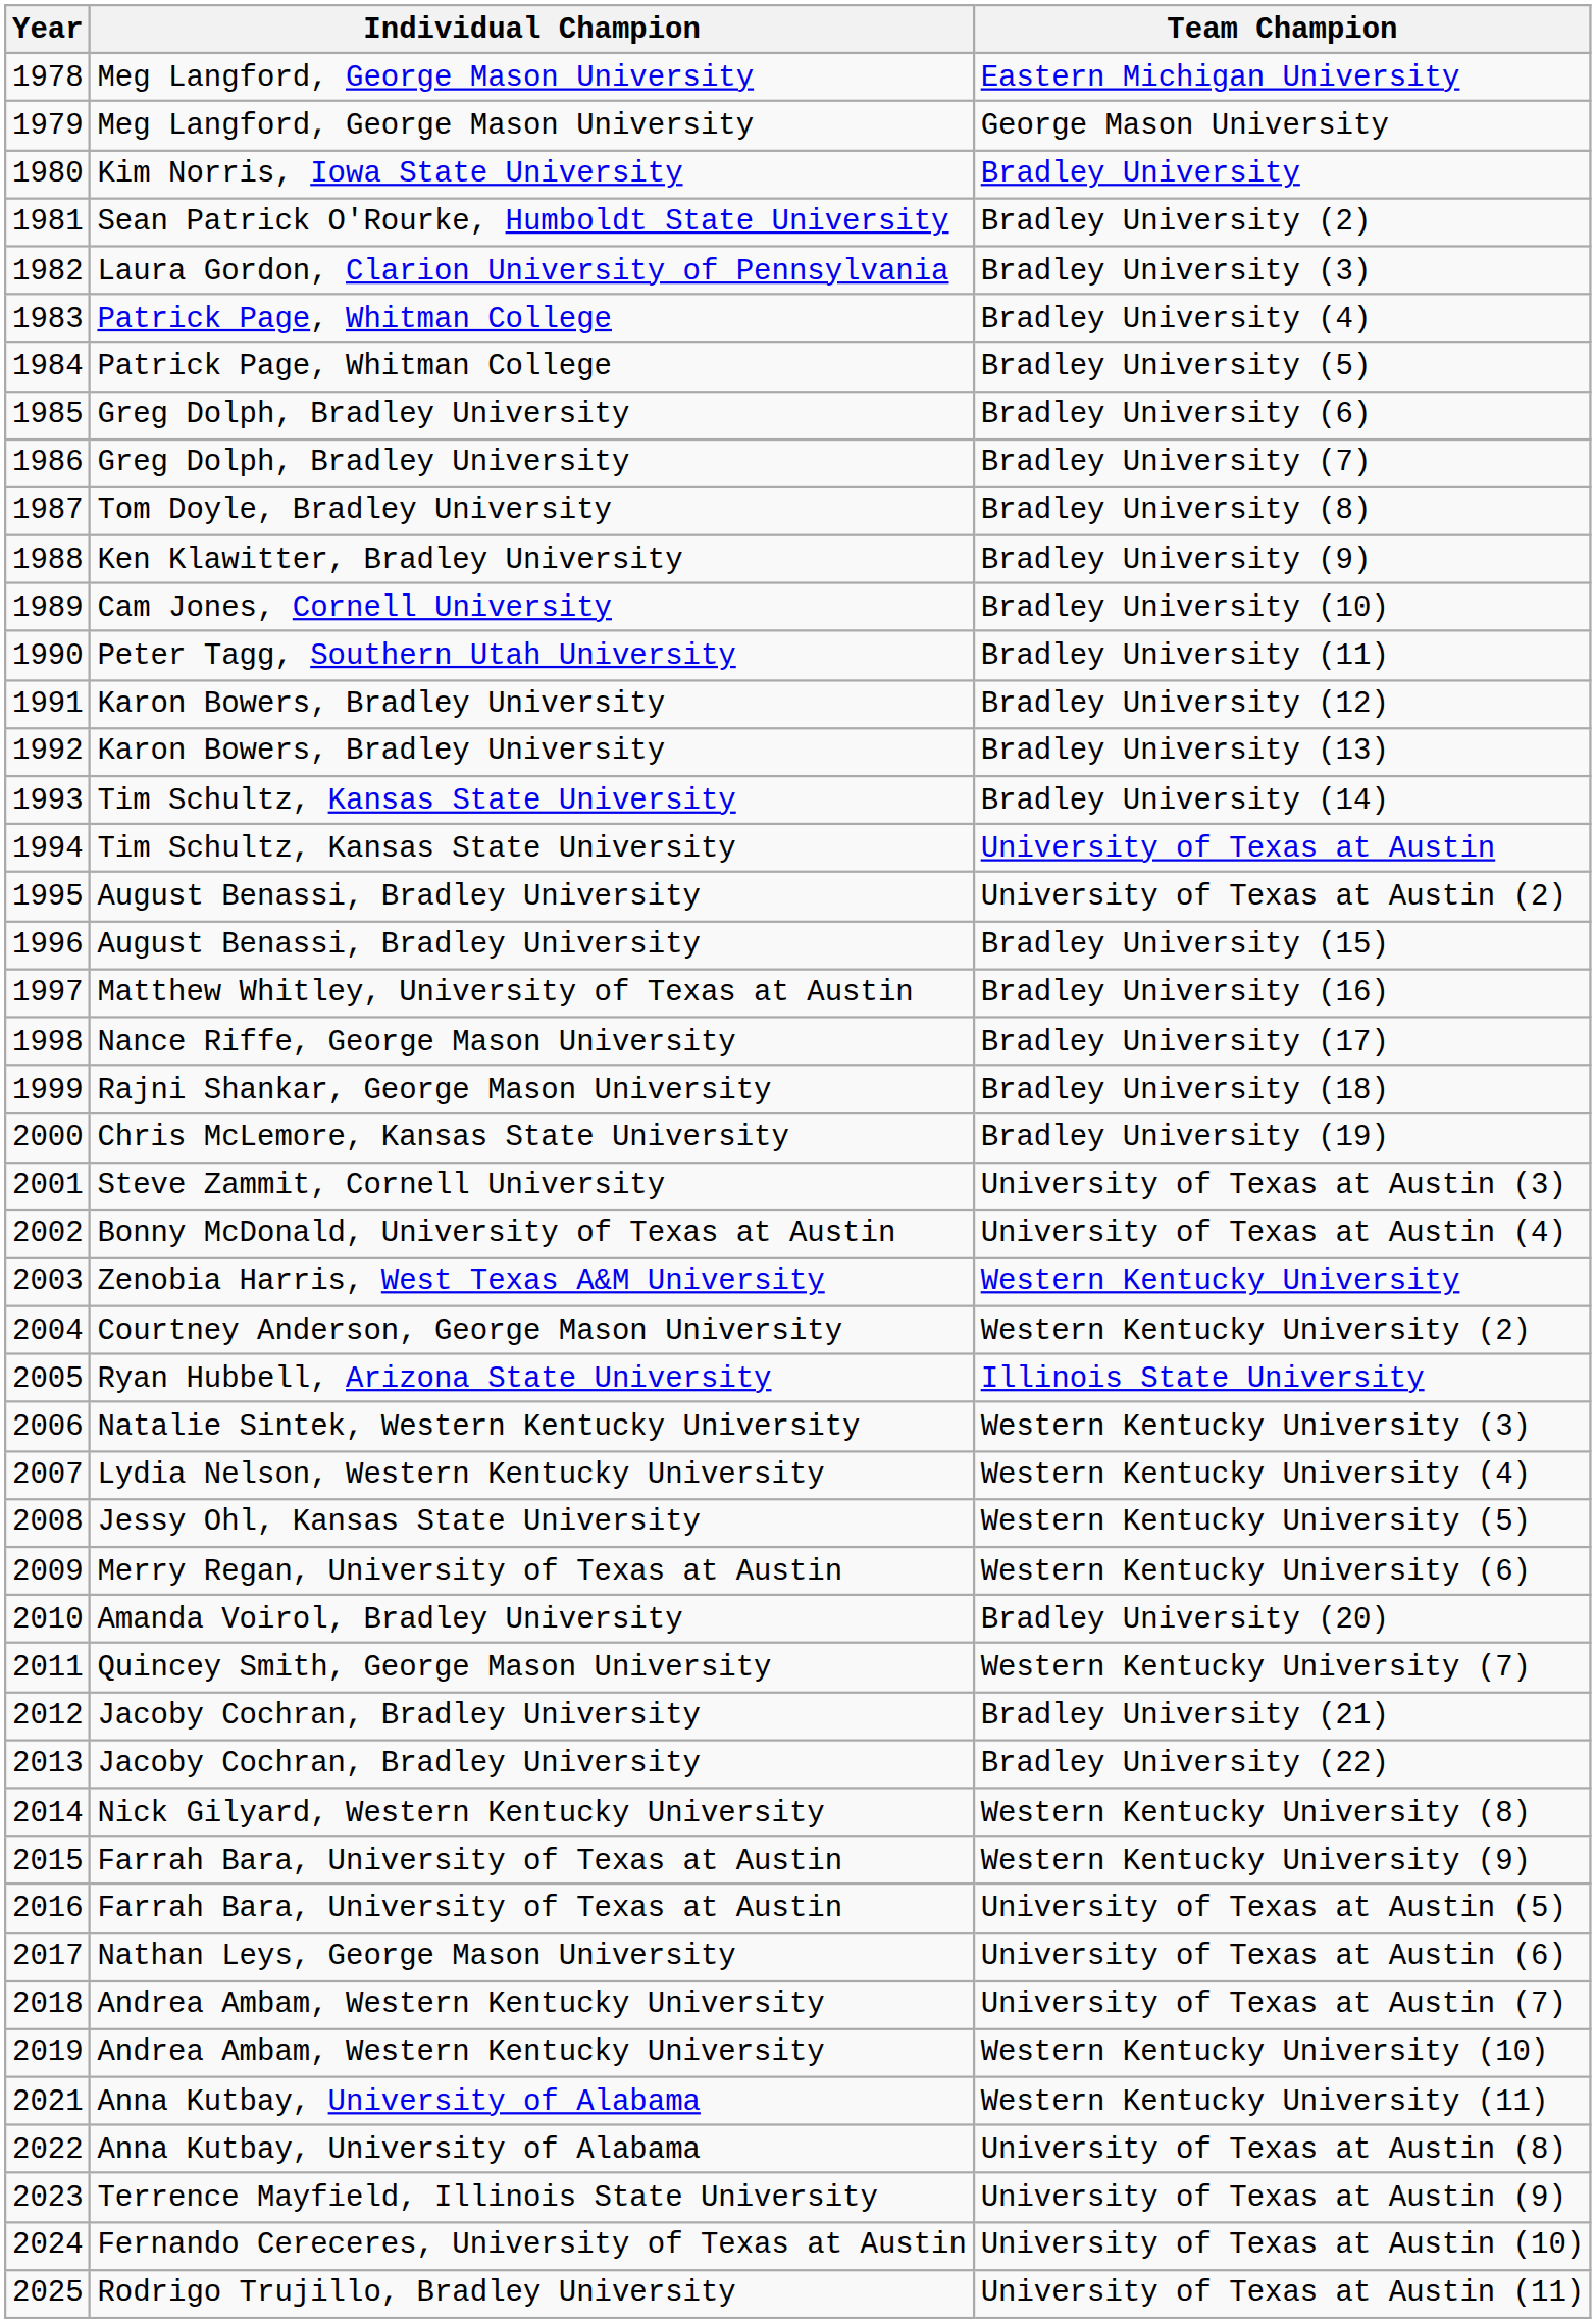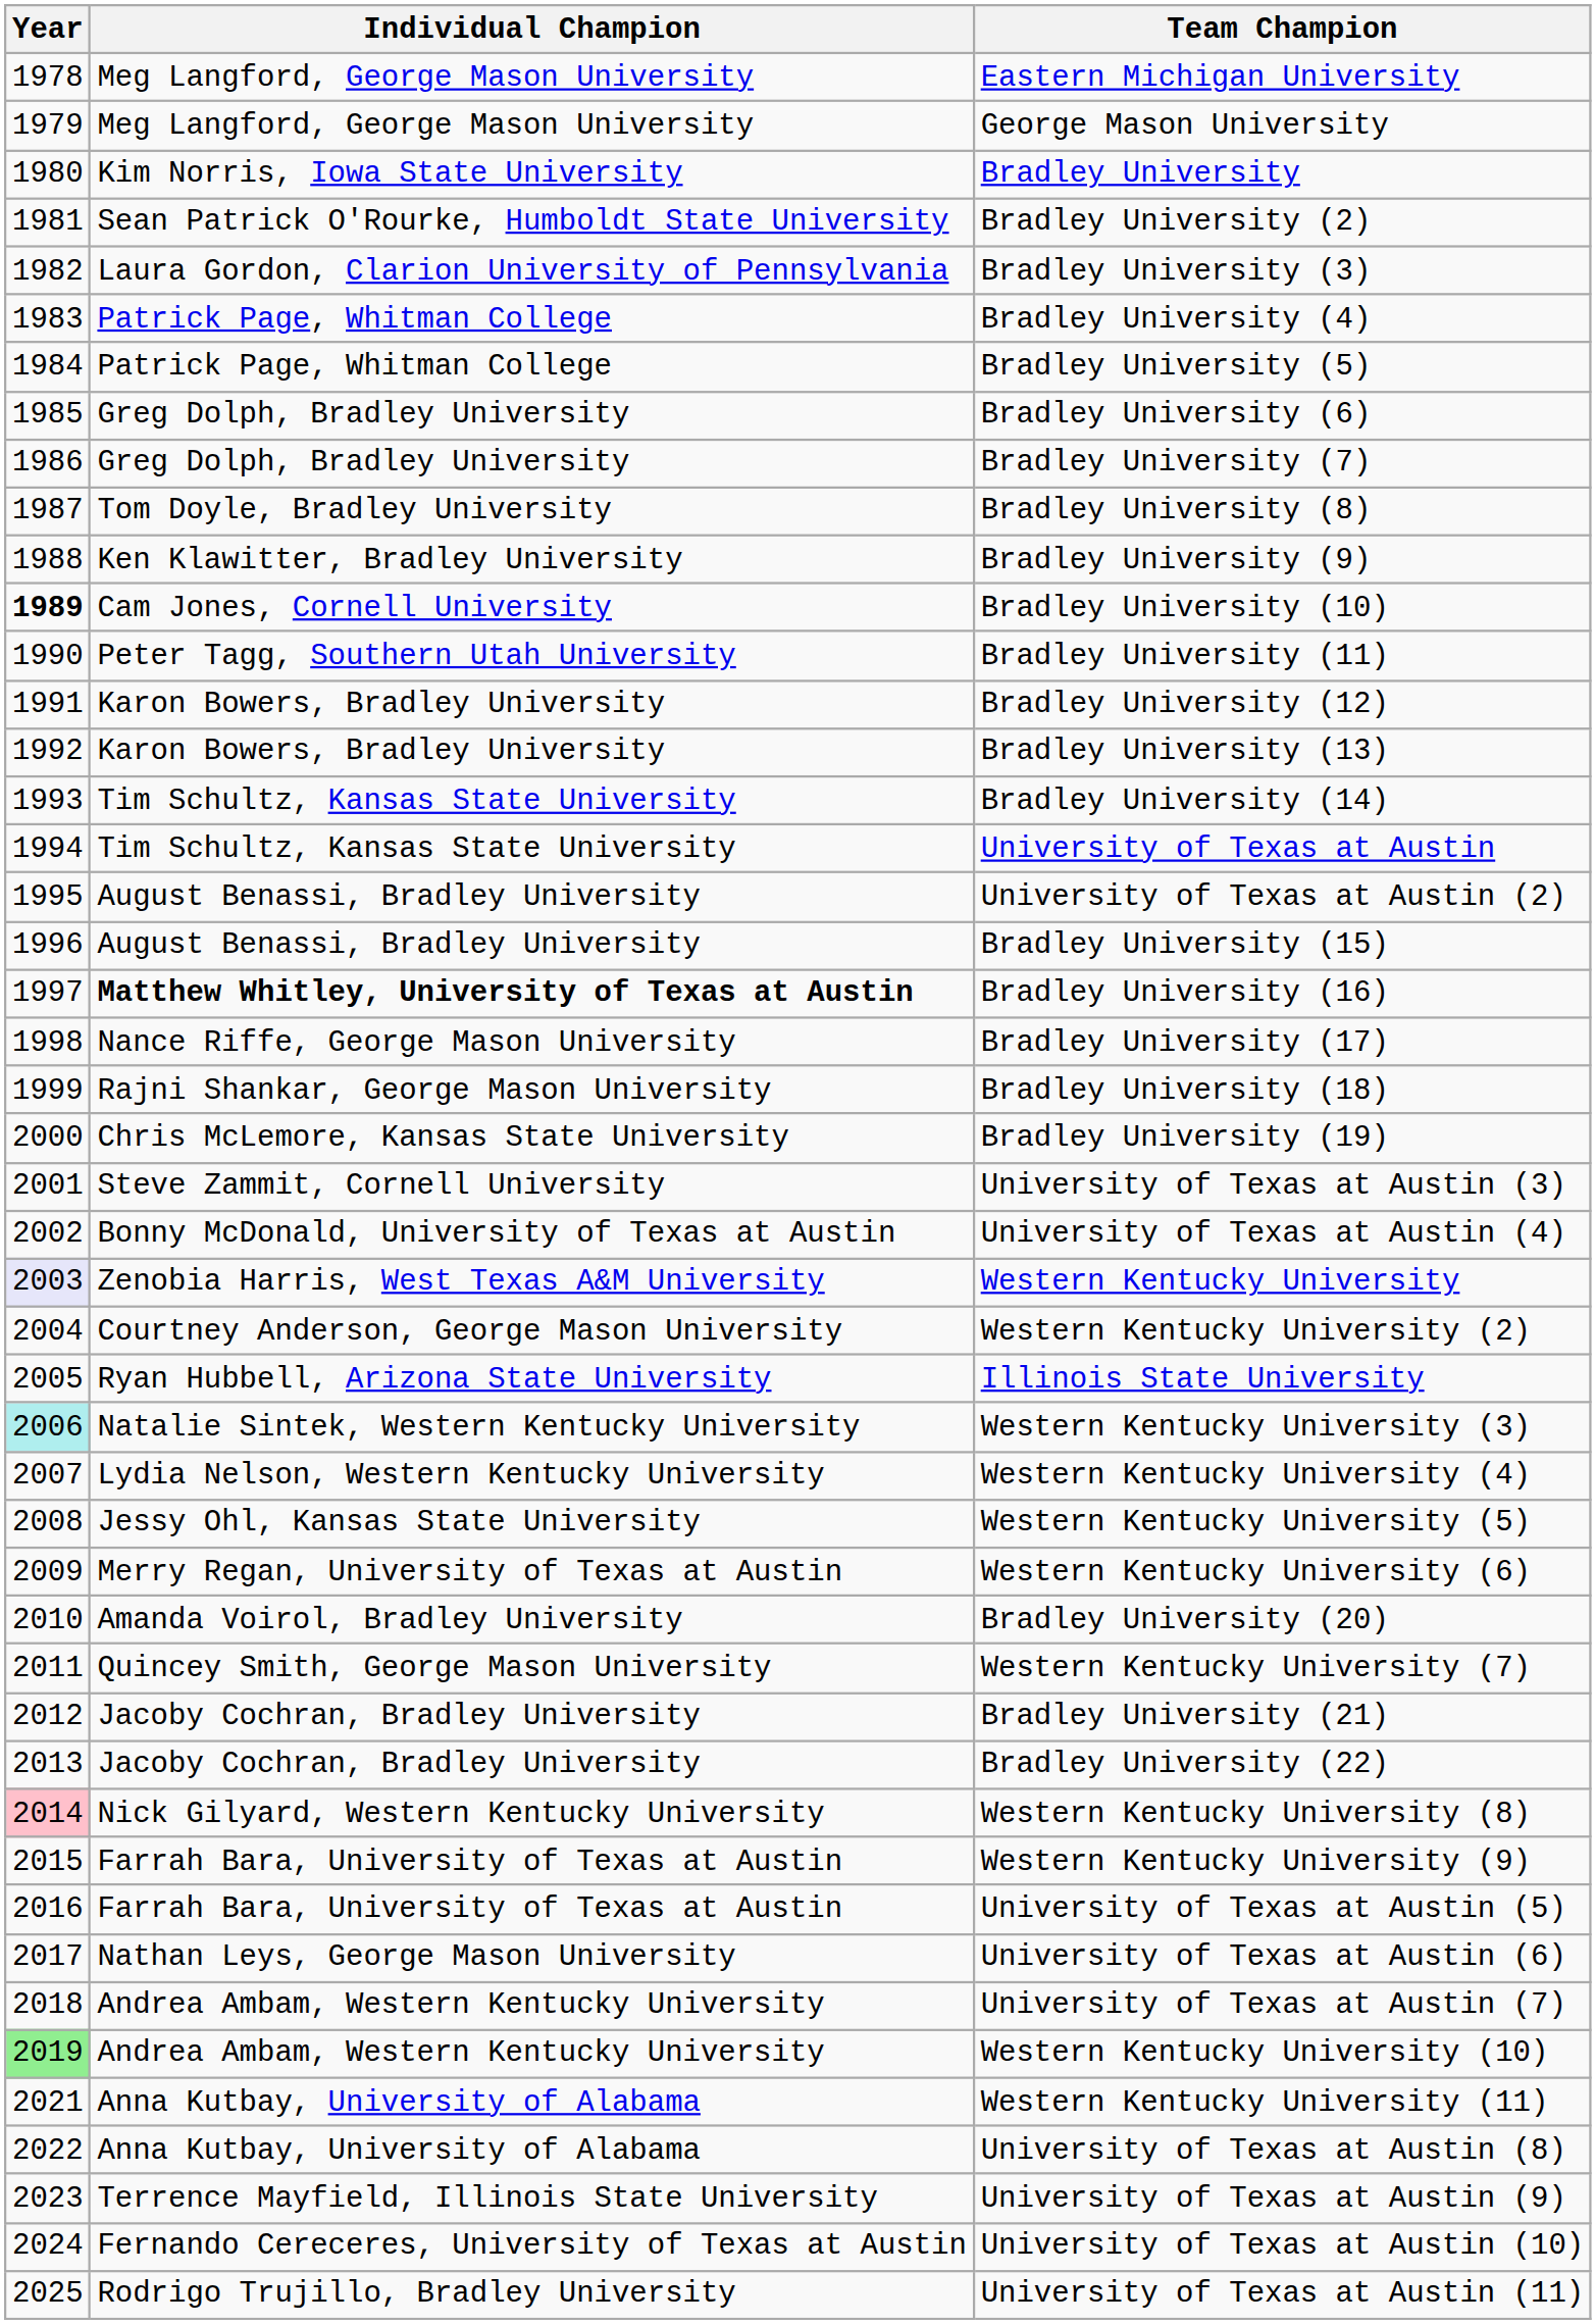 <table class="wikitable">
 <tr>
 <th>Year</th>
 <th>Individual Champion</th>
 <th>Team Champion</th>
 </tr>
 <tr>
 <td>1978</td>
 <td>Meg Langford, <a href='#'>George Mason University</a></td>
 <td><a href='#'>Eastern Michigan University</a></td>
 </tr>
 <tr>
 <td>1979</td>
 <td>Meg Langford, George Mason University</td>
 <td>George Mason University</td>
 </tr>
 <tr>
 <td>1980</td>
 <td>Kim Norris, <a href='#'>Iowa State University</a></td>
 <td><a href='#'>Bradley University</a></td>
 </tr>
 <tr>
 <td>1981</td>
 <td>Sean Patrick O'Rourke, <a href='#'>Humboldt State University</a></td>
 <td>Bradley University (2)</td>
 </tr>
 <tr>
 <td>1982</td>
 <td>Laura Gordon, <a href='#'>Clarion University of Pennsylvania</a></td>
 <td>Bradley University (3)</td>
 </tr>
 <tr>
 <td>1983</td>
 <td><a href='#'>Patrick Page</a>, <a href='#'>Whitman College</a></td>
 <td>Bradley University (4)</td>
 </tr>
 <tr>
 <td>1984</td>
 <td>Patrick Page, Whitman College</td>
 <td>Bradley University (5)</td>
 </tr>
 <tr>
 <td>1985</td>
 <td>Greg Dolph, Bradley University</td>
 <td>Bradley University (6)</td>
 </tr>
 <tr>
 <td>1986</td>
 <td>Greg Dolph, Bradley University</td>
 <td>Bradley University (7)</td>
 </tr>
 <tr>
 <td>1987</td>
 <td>Tom Doyle, Bradley University</td>
 <td>Bradley University (8)</td>
 </tr>
 <tr>
 <td>1988</td>
 <td>Ken Klawitter, Bradley University</td>
 <td>Bradley University (9)</td>
 </tr>
 <tr>
-<td>1989</td>
+<td><strong>1989</strong></td>
 <td>Cam Jones, <a href='#'>Cornell University</a></td>
 <td>Bradley University (10)</td>
 </tr>
 <tr>
 <td>1990</td>
 <td>Peter Tagg, <a href='#'>Southern Utah University</a></td>
 <td>Bradley University (11)</td>
 </tr>
 <tr>
 <td>1991</td>
 <td>Karon Bowers, Bradley University</td>
 <td>Bradley University (12)</td>
 </tr>
 <tr>
 <td>1992</td>
 <td>Karon Bowers, Bradley University</td>
 <td>Bradley University (13)</td>
 </tr>
 <tr>
 <td>1993</td>
 <td>Tim Schultz, <a href='#'>Kansas State University</a></td>
 <td>Bradley University (14)</td>
 </tr>
 <tr>
 <td>1994</td>
 <td>Tim Schultz, Kansas State University</td>
 <td><a href='#'>University of Texas at Austin</a></td>
 </tr>
 <tr>
 <td>1995</td>
 <td>August Benassi, Bradley University</td>
 <td>University of Texas at Austin (2)</td>
 </tr>
 <tr>
 <td>1996</td>
 <td>August Benassi, Bradley University</td>
 <td>Bradley University (15)</td>
 </tr>
 <tr>
 <td>1997</td>
-<td>Matthew Whitley, University of Texas at Austin</td>
+<td><strong>Matthew Whitley, University of Texas at Austin</strong></td>
 <td>Bradley University (16)</td>
 </tr>
 <tr>
 <td>1998</td>
 <td>Nance Riffe, George Mason University</td>
 <td>Bradley University (17)</td>
 </tr>
 <tr>
 <td>1999</td>
 <td>Rajni Shankar, George Mason University</td>
 <td>Bradley University (18)</td>
 </tr>
 <tr>
 <td>2000</td>
 <td>Chris McLemore, Kansas State University</td>
 <td>Bradley University (19)</td>
 </tr>
 <tr>
 <td>2001</td>
 <td>Steve Zammit, Cornell University</td>
 <td>University of Texas at Austin (3)</td>
 </tr>
 <tr>
 <td>2002</td>
 <td>Bonny McDonald, University of Texas at Austin</td>
 <td>University of Texas at Austin (4)</td>
 </tr>
 <tr>
-<td>2003</td>
+<td style="background: lavender;">2003</td>
 <td>Zenobia Harris, <a href='#'>West Texas A&M University</a></td>
 <td><a href='#'>Western Kentucky University</a></td>
 </tr>
 <tr>
 <td>2004</td>
 <td>Courtney Anderson, George Mason University</td>
 <td>Western Kentucky University (2)</td>
 </tr>
 <tr>
 <td>2005</td>
 <td>Ryan Hubbell, <a href='#'>Arizona State University</a></td>
 <td><a href='#'>Illinois State University</a></td>
 </tr>
 <tr>
-<td>2006</td>
+<td style="background: paleturquoise;">2006</td>
 <td>Natalie Sintek, Western Kentucky University</td>
 <td>Western Kentucky University (3)</td>
 </tr>
 <tr>
 <td>2007</td>
 <td>Lydia Nelson, Western Kentucky University</td>
 <td>Western Kentucky University (4)</td>
 </tr>
 <tr>
 <td>2008</td>
 <td>Jessy Ohl, Kansas State University</td>
 <td>Western Kentucky University (5)</td>
 </tr>
 <tr>
 <td>2009</td>
 <td>Merry Regan, University of Texas at Austin</td>
 <td>Western Kentucky University (6)</td>
 </tr>
 <tr>
 <td>2010</td>
 <td>Amanda Voirol, Bradley University</td>
 <td>Bradley University (20)</td>
 </tr>
 <tr>
 <td>2011</td>
 <td>Quincey Smith, George Mason University</td>
 <td>Western Kentucky University (7)</td>
 </tr>
 <tr>
 <td>2012</td>
 <td>Jacoby Cochran, Bradley University</td>
 <td>Bradley University (21)</td>
 </tr>
 <tr>
 <td>2013</td>
 <td>Jacoby Cochran, Bradley University</td>
 <td>Bradley University (22)</td>
 </tr>
 <tr>
-<td>2014</td>
+<td style="background: pink;">2014</td>
 <td>Nick Gilyard, Western Kentucky University</td>
 <td>Western Kentucky University (8)</td>
 </tr>
 <tr>
 <td>2015</td>
 <td>Farrah Bara, University of Texas at Austin</td>
 <td>Western Kentucky University (9)</td>
 </tr>
 <tr>
 <td>2016</td>
 <td>Farrah Bara, University of Texas at Austin</td>
 <td>University of Texas at Austin (5)</td>
 </tr>
 <tr>
 <td>2017</td>
 <td>Nathan Leys, George Mason University</td>
 <td>University of Texas at Austin (6)</td>
 </tr>
 <tr>
 <td>2018</td>
 <td>Andrea Ambam, Western Kentucky University</td>
 <td>University of Texas at Austin (7)</td>
 </tr>
 <tr>
-<td>2019</td>
+<td style="background: lightgreen;">2019</td>
 <td>Andrea Ambam, Western Kentucky University</td>
 <td>Western Kentucky University (10)</td>
 </tr>
 <tr>
 <td>2021</td>
 <td>Anna Kutbay, <a href='#'>University of Alabama</a></td>
 <td>Western Kentucky University (11)</td>
 </tr>
 <tr>
 <td>2022</td>
 <td>Anna Kutbay, University of Alabama</td>
 <td>University of Texas at Austin (8)</td>
 </tr>
 <tr>
 <td>2023</td>
 <td>Terrence Mayfield, Illinois State University</td>
 <td>University of Texas at Austin (9)</td>
 </tr>
 <tr>
 <td>2024</td>
 <td>Fernando Cereceres, University of Texas at Austin</td>
 <td>University of Texas at Austin (10)</td>
 </tr>
 <tr>
 <td>2025</td>
 <td>Rodrigo Trujillo, Bradley University</td>
 <td>University of Texas at Austin (11)</td>
 </tr>
 </table>
